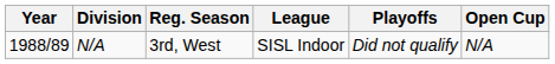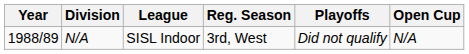 <table class="wikitable">
 <tr>
 <th>Year</th>
 <th>Division</th>
+<th>League</th>
 <th>Reg. Season</th>
-<th>League</th>
 <th>Playoffs</th>
 <th>Open Cup</th>
 </tr>
 <tr>
 <td>1988/89</td>
 <td><em>N/A</em></td>
+<td>SISL Indoor</td>
 <td>3rd, West</td>
-<td>SISL Indoor</td>
 <td><em>Did not qualify</em></td>
 <td><em>N/A</em></td>
 </tr>
 </table>
